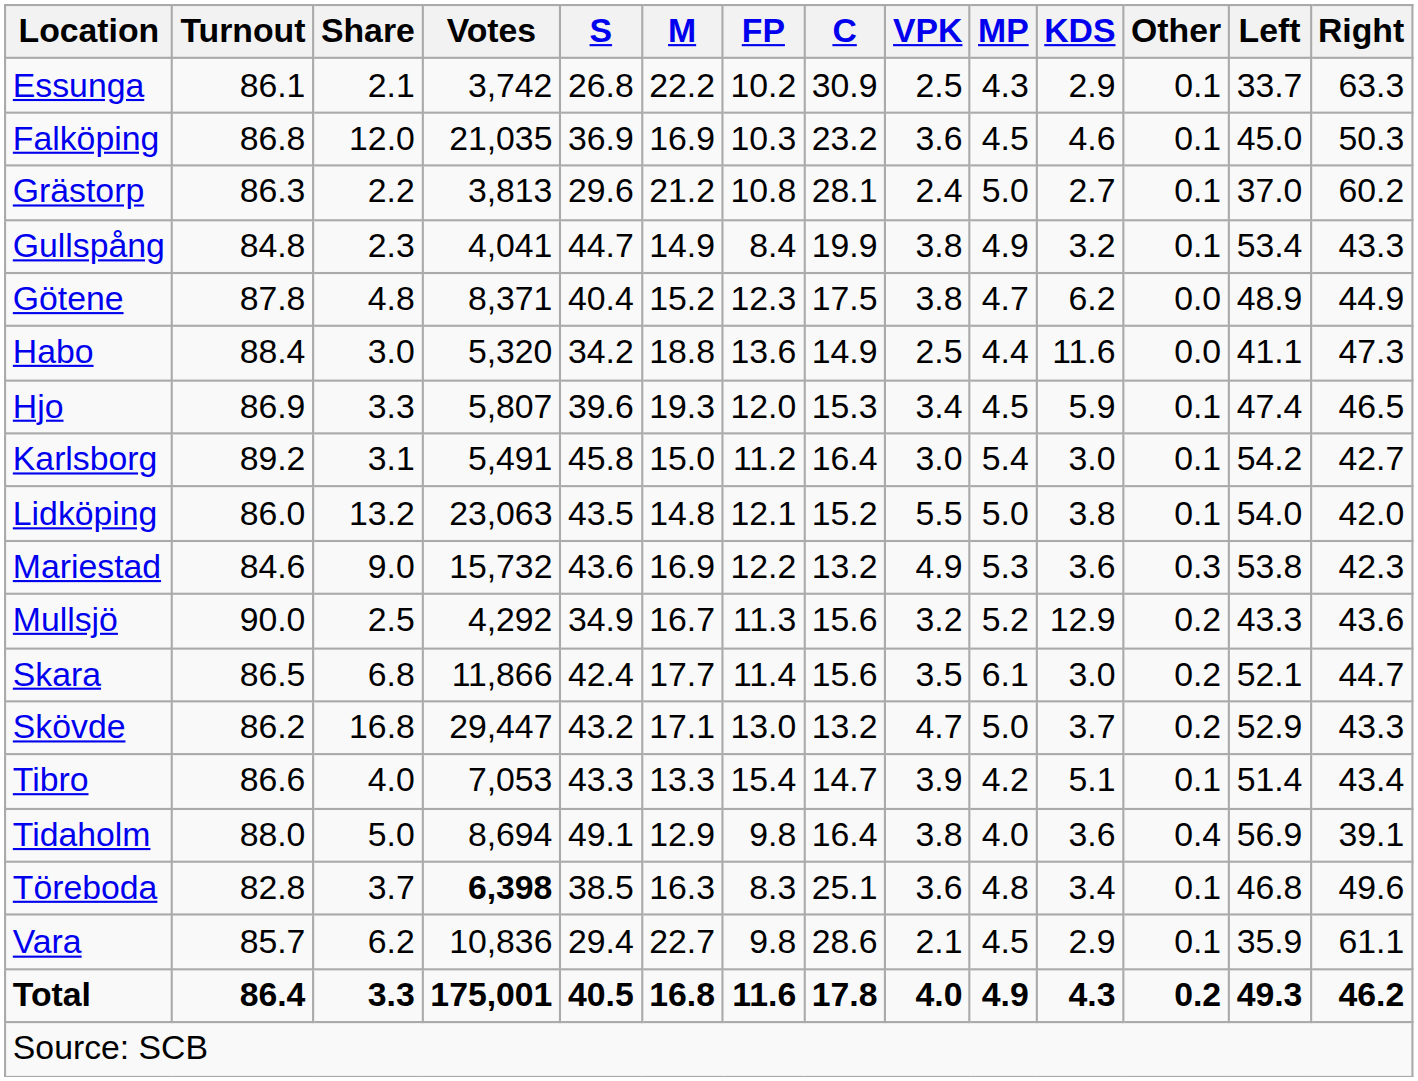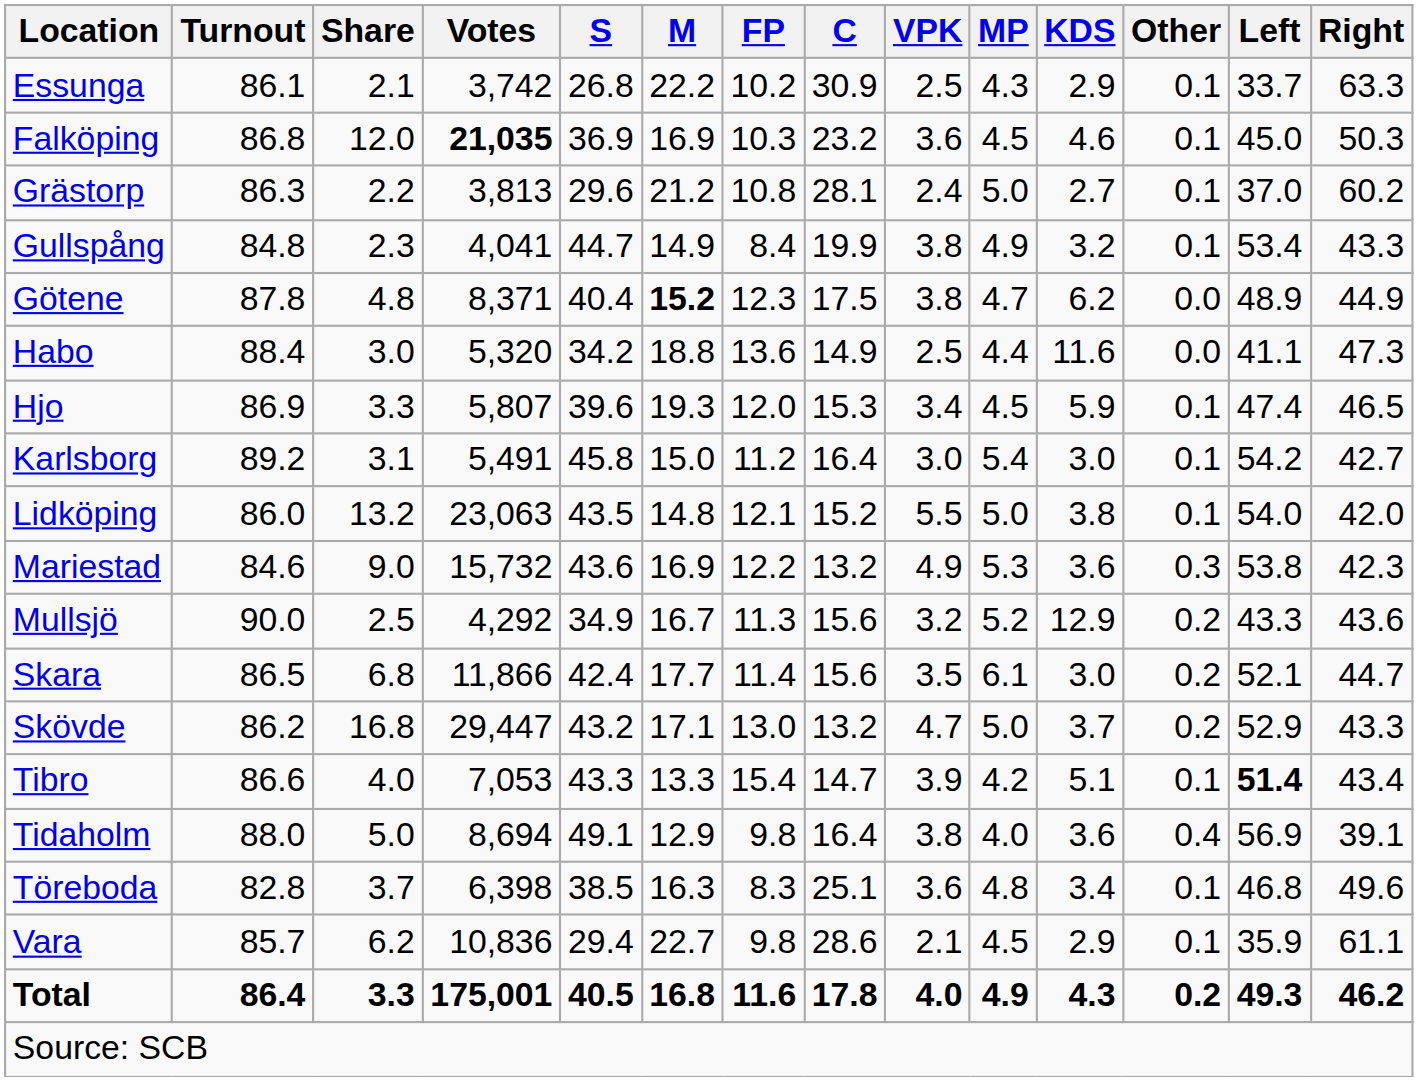 <table class="wikitable sortable" style=text-align:right>
 <tr>
 <th>Location</th>
 <th>Turnout</th>
 <th>Share</th>
 <th>Votes</th>
 <th><a href='#'>S</a></th>
 <th><a href='#'>M</a></th>
 <th><a href='#'>FP</a></th>
 <th><a href='#'>C</a></th>
 <th><a href='#'>VPK</a></th>
 <th><a href='#'>MP</a></th>
 <th><a href='#'>KDS</a></th>
 <th>Other</th>
 <th>Left</th>
 <th>Right</th>
 </tr>
 <tr>
 <td align=left><a href='#'>Essunga</a></td>
 <td>86.1</td>
 <td>2.1</td>
 <td>3,742</td>
 <td>26.8</td>
 <td>22.2</td>
 <td>10.2</td>
 <td>30.9</td>
 <td>2.5</td>
 <td>4.3</td>
 <td>2.9</td>
 <td>0.1</td>
 <td>33.7</td>
 <td>63.3</td>
 </tr>
 <tr>
 <td align=left><a href='#'>Falköping</a></td>
 <td>86.8</td>
 <td>12.0</td>
-<td>21,035</td>
+<td><strong>21,035</strong></td>
 <td>36.9</td>
 <td>16.9</td>
 <td>10.3</td>
 <td>23.2</td>
 <td>3.6</td>
 <td>4.5</td>
 <td>4.6</td>
 <td>0.1</td>
 <td>45.0</td>
 <td>50.3</td>
 </tr>
 <tr>
 <td align=left><a href='#'>Grästorp</a></td>
 <td>86.3</td>
 <td>2.2</td>
 <td>3,813</td>
 <td>29.6</td>
 <td>21.2</td>
 <td>10.8</td>
 <td>28.1</td>
 <td>2.4</td>
 <td>5.0</td>
 <td>2.7</td>
 <td>0.1</td>
 <td>37.0</td>
 <td>60.2</td>
 </tr>
 <tr>
 <td align=left><a href='#'>Gullspång</a></td>
 <td>84.8</td>
 <td>2.3</td>
 <td>4,041</td>
 <td>44.7</td>
 <td>14.9</td>
 <td>8.4</td>
 <td>19.9</td>
 <td>3.8</td>
 <td>4.9</td>
 <td>3.2</td>
 <td>0.1</td>
 <td>53.4</td>
 <td>43.3</td>
 </tr>
 <tr>
 <td align=left><a href='#'>Götene</a></td>
 <td>87.8</td>
 <td>4.8</td>
 <td>8,371</td>
 <td>40.4</td>
-<td>15.2</td>
+<td><strong>15.2</strong></td>
 <td>12.3</td>
 <td>17.5</td>
 <td>3.8</td>
 <td>4.7</td>
 <td>6.2</td>
 <td>0.0</td>
 <td>48.9</td>
 <td>44.9</td>
 </tr>
 <tr>
 <td align=left><a href='#'>Habo</a></td>
 <td>88.4</td>
 <td>3.0</td>
 <td>5,320</td>
 <td>34.2</td>
 <td>18.8</td>
 <td>13.6</td>
 <td>14.9</td>
 <td>2.5</td>
 <td>4.4</td>
 <td>11.6</td>
 <td>0.0</td>
 <td>41.1</td>
 <td>47.3</td>
 </tr>
 <tr>
 <td align=left><a href='#'>Hjo</a></td>
 <td>86.9</td>
 <td>3.3</td>
 <td>5,807</td>
 <td>39.6</td>
 <td>19.3</td>
 <td>12.0</td>
 <td>15.3</td>
 <td>3.4</td>
 <td>4.5</td>
 <td>5.9</td>
 <td>0.1</td>
 <td>47.4</td>
 <td>46.5</td>
 </tr>
 <tr>
 <td align=left><a href='#'>Karlsborg</a></td>
 <td>89.2</td>
 <td>3.1</td>
 <td>5,491</td>
 <td>45.8</td>
 <td>15.0</td>
 <td>11.2</td>
 <td>16.4</td>
 <td>3.0</td>
 <td>5.4</td>
 <td>3.0</td>
 <td>0.1</td>
 <td>54.2</td>
 <td>42.7</td>
 </tr>
 <tr>
 <td align=left><a href='#'>Lidköping</a></td>
 <td>86.0</td>
 <td>13.2</td>
 <td>23,063</td>
 <td>43.5</td>
 <td>14.8</td>
 <td>12.1</td>
 <td>15.2</td>
 <td>5.5</td>
 <td>5.0</td>
 <td>3.8</td>
 <td>0.1</td>
 <td>54.0</td>
 <td>42.0</td>
 </tr>
 <tr>
 <td align=left><a href='#'>Mariestad</a></td>
 <td>84.6</td>
 <td>9.0</td>
 <td>15,732</td>
 <td>43.6</td>
 <td>16.9</td>
 <td>12.2</td>
 <td>13.2</td>
 <td>4.9</td>
 <td>5.3</td>
 <td>3.6</td>
 <td>0.3</td>
 <td>53.8</td>
 <td>42.3</td>
 </tr>
 <tr>
 <td align=left><a href='#'>Mullsjö</a></td>
 <td>90.0</td>
 <td>2.5</td>
 <td>4,292</td>
 <td>34.9</td>
 <td>16.7</td>
 <td>11.3</td>
 <td>15.6</td>
 <td>3.2</td>
 <td>5.2</td>
 <td>12.9</td>
 <td>0.2</td>
 <td>43.3</td>
 <td>43.6</td>
 </tr>
 <tr>
 <td align=left><a href='#'>Skara</a></td>
 <td>86.5</td>
 <td>6.8</td>
 <td>11,866</td>
 <td>42.4</td>
 <td>17.7</td>
 <td>11.4</td>
 <td>15.6</td>
 <td>3.5</td>
 <td>6.1</td>
 <td>3.0</td>
 <td>0.2</td>
 <td>52.1</td>
 <td>44.7</td>
 </tr>
 <tr>
 <td align=left><a href='#'>Skövde</a></td>
 <td>86.2</td>
 <td>16.8</td>
 <td>29,447</td>
 <td>43.2</td>
 <td>17.1</td>
 <td>13.0</td>
 <td>13.2</td>
 <td>4.7</td>
 <td>5.0</td>
 <td>3.7</td>
 <td>0.2</td>
 <td>52.9</td>
 <td>43.3</td>
 </tr>
 <tr>
 <td align=left><a href='#'>Tibro</a></td>
 <td>86.6</td>
 <td>4.0</td>
 <td>7,053</td>
 <td>43.3</td>
 <td>13.3</td>
 <td>15.4</td>
 <td>14.7</td>
 <td>3.9</td>
 <td>4.2</td>
 <td>5.1</td>
 <td>0.1</td>
-<td>51.4</td>
+<td><strong>51.4</strong></td>
 <td>43.4</td>
 </tr>
 <tr>
 <td align=left><a href='#'>Tidaholm</a></td>
 <td>88.0</td>
 <td>5.0</td>
 <td>8,694</td>
 <td>49.1</td>
 <td>12.9</td>
 <td>9.8</td>
 <td>16.4</td>
 <td>3.8</td>
 <td>4.0</td>
 <td>3.6</td>
 <td>0.4</td>
 <td>56.9</td>
 <td>39.1</td>
 </tr>
 <tr>
 <td align=left><a href='#'>Töreboda</a></td>
 <td>82.8</td>
 <td>3.7</td>
-<td><strong>6,398</strong></td>
+<td>6,398</td>
 <td>38.5</td>
 <td>16.3</td>
 <td>8.3</td>
 <td>25.1</td>
 <td>3.6</td>
 <td>4.8</td>
 <td>3.4</td>
 <td>0.1</td>
 <td>46.8</td>
 <td>49.6</td>
 </tr>
 <tr>
 <td align=left><a href='#'>Vara</a></td>
 <td>85.7</td>
 <td>6.2</td>
 <td>10,836</td>
 <td>29.4</td>
 <td>22.7</td>
 <td>9.8</td>
 <td>28.6</td>
 <td>2.1</td>
 <td>4.5</td>
 <td>2.9</td>
 <td>0.1</td>
 <td>35.9</td>
 <td>61.1</td>
 </tr>
 <tr>
 <td align=left><strong>Total</strong></td>
 <td><strong>86.4</strong></td>
 <td><strong>3.3</strong></td>
 <td><strong>175,001</strong></td>
 <td><strong>40.5</strong></td>
 <td><strong>16.8</strong></td>
 <td><strong>11.6</strong></td>
 <td><strong>17.8</strong></td>
 <td><strong>4.0</strong></td>
 <td><strong>4.9</strong></td>
 <td><strong>4.3</strong></td>
 <td><strong>0.2</strong></td>
 <td><strong>49.3</strong></td>
 <td><strong>46.2</strong></td>
 </tr>
 <tr>
 <td align=left colspan=14>Source: SCB </td>
 </tr>
 </table>
